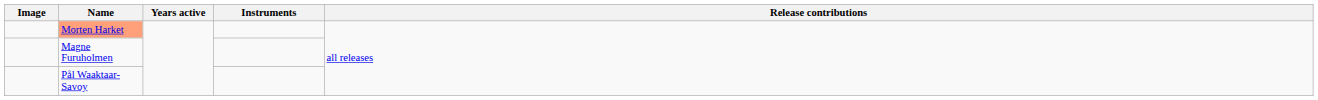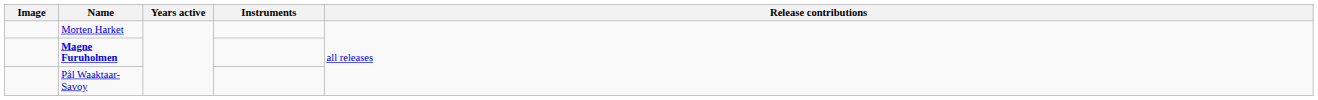 <table class="wikitable" width="100%">
 <tr>
 <th width="75">Image</th>
 <th width="120">Name</th>
 <th width="100">Years active</th>
 <th width="160">Instruments</th>
 <th>Release contributions</th>
 </tr>
 <tr>
 <td></td>
-<td style="background: lightsalmon;"><a href='#'>Morten Harket</a></td>
+<td><a href='#'>Morten Harket</a></td>
 <td rowspan="3"></td>
 <td></td>
 <td rowspan="3"><a href='#'>all releases</a></td>
 </tr>
 <tr>
 <td></td>
-<td><a href='#'>Magne Furuholmen</a></td>
+<td><strong><a href='#'>Magne Furuholmen</a></strong></td>
 <td></td>
 </tr>
 <tr>
 <td></td>
 <td><a href='#'>Pål Waaktaar-Savoy</a></td>
 <td></td>
 </tr>
 </table>
